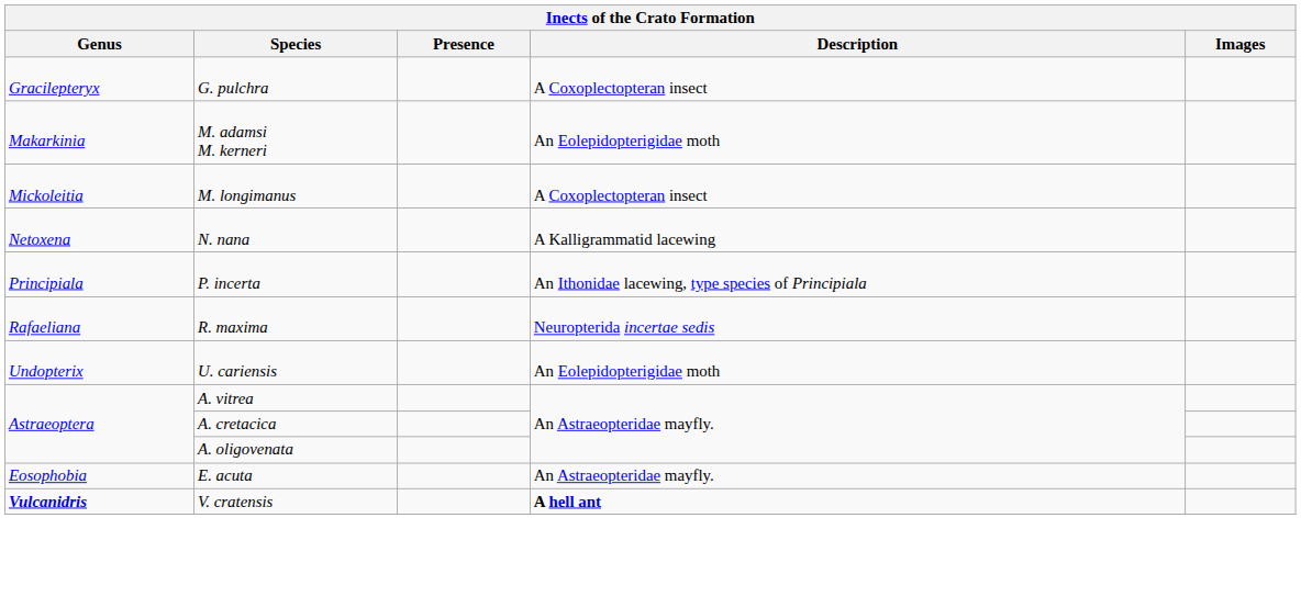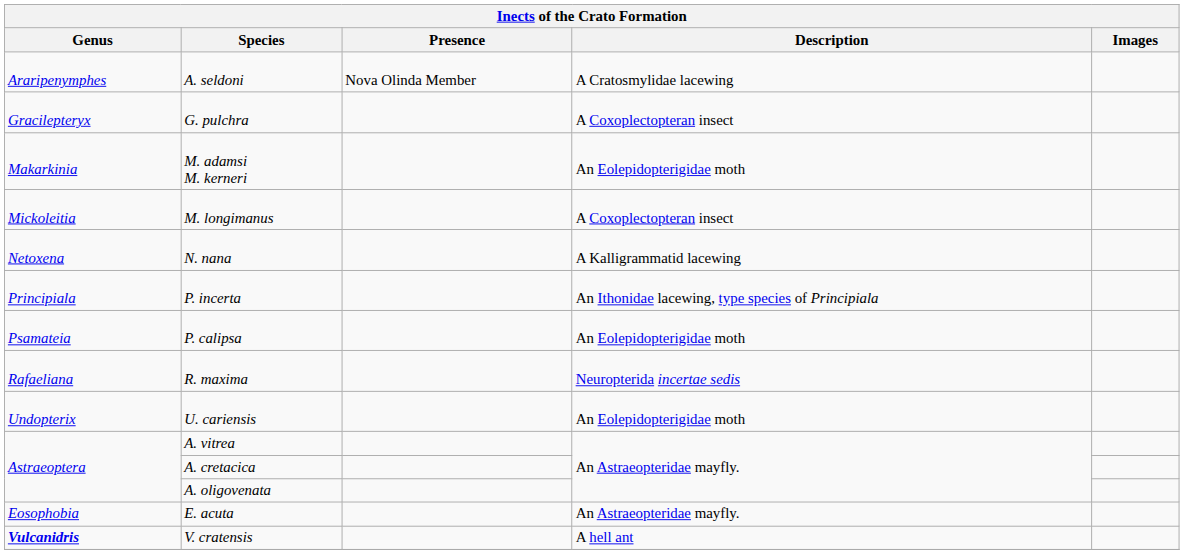 <table class="wikitable" align="center" width="100%">
 <tr>
 <th colspan="5" style="text-align:center"><strong><a href='#'>Inects</a> of the Crato Formation</strong></th>
 </tr>
 <tr>
 <th>Genus</th>
 <th>Species</th>
 <th>Presence</th>
 <th>Description</th>
 <th>Images</th>
+</tr>
+<tr>
+<td><br><em><a href='#'>Araripenymphes</a></em></td>
+<td><br><em>A. seldoni</em></td>
+<td><br>Nova Olinda Member</td>
+<td><br>A Cratosmylidae lacewing</td>
+<td></td>
 </tr>
 <tr>
 <td><br><em><a href='#'>Gracilepteryx</a></em></td>
 <td><br><em>G. pulchra</em></td>
 <td></td>
 <td><br>A <a href='#'>Coxoplectopteran</a> insect</td>
 <td></td>
 </tr>
 <tr>
 <td><br><em><a href='#'>Makarkinia</a></em></td>
 <td><br><em>M. adamsi</em><br> <em>M. kerneri</em></td>
 <td></td>
 <td><br>An <a href='#'>Eolepidopterigidae</a> moth</td>
 <td></td>
 </tr>
 <tr>
 <td><br><em><a href='#'>Mickoleitia</a></em></td>
 <td><br><em>M. longimanus</em></td>
 <td></td>
 <td><br>A <a href='#'>Coxoplectopteran</a> insect</td>
 <td><br></td>
 </tr>
 <tr>
 <td><br><em><a href='#'>Netoxena</a></em></td>
 <td><br><em>N. nana</em></td>
 <td></td>
 <td><br>A Kalligrammatid lacewing</td>
 <td></td>
 </tr>
 <tr>
 <td><br><em><a href='#'>Principiala</a></em></td>
 <td><br><em>P. incerta</em></td>
 <td></td>
 <td><br>An <a href='#'>Ithonidae</a> lacewing, <a href='#'>type species</a> of <em>Principiala</em></td>
+<td></td>
+</tr>
+<tr>
+<td><br><em><a href='#'>Psamateia</a></em></td>
+<td><br><em>P. calipsa</em></td>
+<td></td>
+<td><br>An <a href='#'>Eolepidopterigidae</a> moth</td>
 <td></td>
 </tr>
 <tr>
 <td><br><em><a href='#'>Rafaeliana</a></em></td>
 <td><br><em>R. maxima</em></td>
 <td></td>
 <td><br><a href='#'>Neuropterida</a> <em><a href='#'>incertae sedis</a></em></td>
 <td></td>
 </tr>
 <tr>
 <td><br><em><a href='#'>Undopterix</a></em></td>
 <td><br><em>U. cariensis</em></td>
 <td></td>
 <td><br>An <a href='#'>Eolepidopterigidae</a> moth</td>
 <td></td>
 </tr>
 <tr>
 <td rowspan="3"><em><a href='#'>Astraeoptera</a></em></td>
 <td><em>A. vitrea</em></td>
 <td></td>
 <td rowspan="3">An <a href='#'>Astraeopteridae</a> mayfly.</td>
 <td></td>
 </tr>
 <tr>
 <td><em>A. cretacica</em></td>
 <td></td>
 <td></td>
 </tr>
 <tr>
 <td><em>A. oligovenata</em></td>
 <td></td>
 <td></td>
 </tr>
 <tr>
 <td><em><a href='#'>Eosophobia</a></em></td>
 <td><em>E. acuta</em></td>
 <td></td>
 <td>An <a href='#'>Astraeopteridae</a> mayfly.</td>
 <td></td>
 </tr>
 <tr>
 <td><strong><em><a href='#'>Vulcanidris</a></em></strong></td>
 <td><em>V. cratensis</em></td>
 <td></td>
-<td><strong>A <a href='#'>hell ant</a></strong></td>
+<td>A <a href='#'>hell ant</a></td>
 <td></td>
 </tr>
 <tr>
 </tr>
 </table>
